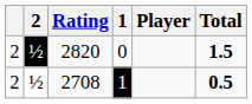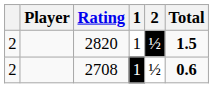 <table class="wikitable" style="text-align: center;">
 <tr>
 <th></th>
-<th>2</th>
+<th>Player</th>
 <th><a href='#'>Rating</a></th>
 <th>1</th>
-<th>Player</th>
+<th>2</th>
 <th>Total</th>
 </tr>
 <tr>
 <td>2</td>
+<td align=left></td>
+<td>2820</td>
+<td style="background:white; color:black">1</td>
 <td style="background:black; color:white">½</td>
-<td>2820</td>
-<td style="background:white; color:black">0</td>
-<td align=left></td>
 <td><strong>1.5</strong></td>
 </tr>
 <tr>
 <td>2</td>
-<td style="background:white; color:black">½</td>
+<td align=left></td>
 <td>2708</td>
 <td style="background:black; color:white">1</td>
-<td align=left></td>
-<td><strong>0.5</strong></td>
+<td style="background:white; color:black">½</td>
+<td><strong>0.6</strong></td>
 </tr>
 </table>
